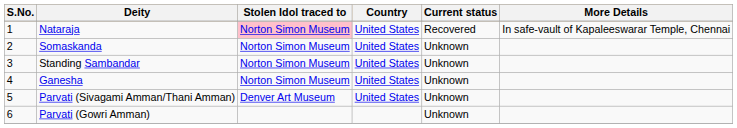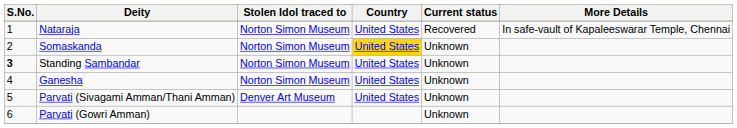 <table class="wikitable" sortable>
 <tr style="background:#FFC569">
 <th scope="col">S.No.</th>
 <th scope="col">Deity</th>
 <th scope="col">Stolen Idol traced to</th>
 <th scope="col">Country</th>
 <th scope="col">Current status</th>
 <th scope="col">More Details</th>
 </tr>
 <tr align="center">
 </tr>
 <tr style="background:#ffe;">
 </tr>
 <tr>
 <td>1</td>
 <td><a href='#'>Nataraja</a></td>
-<td style="background: pink;"><a href='#'>Norton Simon Museum</a></td>
+<td><a href='#'>Norton Simon Museum</a></td>
 <td><a href='#'>United States</a></td>
 <td>Recovered</td>
 <td>In safe-vault of Kapaleeswarar Temple, Chennai</td>
 </tr>
 <tr>
 <td>2</td>
 <td><a href='#'>Somaskanda</a></td>
 <td><a href='#'>Norton Simon Museum</a></td>
-<td><a href='#'>United States</a></td>
+<td style="background: gold;"><a href='#'>United States</a></td>
 <td>Unknown</td>
 <td></td>
 </tr>
 <tr>
-<td>3</td>
+<td><strong>3</strong></td>
 <td>Standing <a href='#'>Sambandar</a></td>
 <td><a href='#'>Norton Simon Museum</a></td>
 <td><a href='#'>United States</a></td>
 <td>Unknown</td>
 <td></td>
 </tr>
 <tr>
 <td>4</td>
 <td><a href='#'>Ganesha</a></td>
 <td><a href='#'>Norton Simon Museum</a></td>
 <td><a href='#'>United States</a></td>
 <td>Unknown</td>
 <td></td>
 </tr>
 <tr>
 <td>5</td>
 <td><a href='#'>Parvati</a> (Sivagami Amman/Thani Amman)</td>
 <td><a href='#'>Denver Art Museum</a></td>
 <td><a href='#'>United States</a></td>
 <td>Unknown</td>
 <td></td>
 </tr>
 <tr>
 <td>6</td>
 <td><a href='#'>Parvati</a> (Gowri Amman)</td>
 <td></td>
 <td></td>
 <td>Unknown</td>
 <td></td>
 </tr>
 <tr>
 </tr>
 </table>
